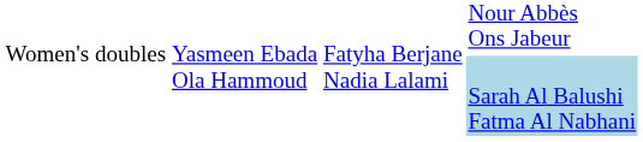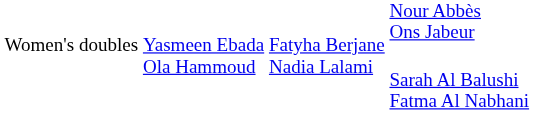 <table>
 <tr>
 <td rowspan=2>Women's doubles</td>
 <td rowspan=2><br><a href='#'>Yasmeen Ebada</a><br><a href='#'>Ola Hammoud</a></td>
 <td rowspan=2><br><a href='#'>Fatyha Berjane</a><br><a href='#'>Nadia Lalami</a></td>
 <td><br><a href='#'>Nour Abbès</a><br><a href='#'>Ons Jabeur</a></td>
 </tr>
 <tr>
-<td style="background: lightblue;"><br><a href='#'>Sarah Al Balushi</a><br><a href='#'>Fatma Al Nabhani</a></td>
+<td><br><a href='#'>Sarah Al Balushi</a><br><a href='#'>Fatma Al Nabhani</a></td>
 </tr>
 </table>
